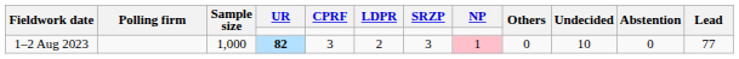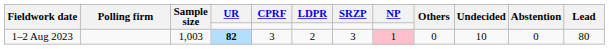 <table class=wikitable style="font-size:95%; line-height:14px; text-align:center">
 <tr>
 <th style=width:100px; rowspan=2>Fieldwork date</th>
 <th style=width:120px; rowspan=2>Polling firm</th>
 <th style=width:50px; rowspan=2>Sample<br>size</th>
 <th style="width:50px;"><a href='#'>UR</a></th>
 <th style="width:50px;"><a href='#'>CPRF</a></th>
 <th style="width:50px;"><a href='#'>LDPR</a></th>
 <th style="width:50px;"><a href='#'>SRZP</a></th>
 <th style="width:50px;"><a href='#'>NP</a></th>
 <th style="width:50px;" rowspan=2>Others</th>
 <th style="width:50px;" rowspan=2>Undecided</th>
 <th style="width:50px;" rowspan=2>Abstention</th>
 <th style="width:50px;" rowspan="2">Lead</th>
 </tr>
 <tr>
 <td bgcolor=></td>
 <td bgcolor=></td>
 <td bgcolor=></td>
 <td bgcolor=></td>
 <td bgcolor=></td>
 </tr>
 <tr>
 <td>1–2 Aug 2023</td>
 <td></td>
-<td>1,000</td>
+<td>1,003</td>
 <td style="background:#B3E0FF"><strong>82</strong></td>
 <td>3</td>
 <td>2</td>
 <td>3</td>
 <td style="background: pink;">1</td>
 <td>0</td>
 <td>10</td>
 <td>0</td>
-<td style="background:">77</td>
+<td style="background:">80</td>
 </tr>
 </table>
